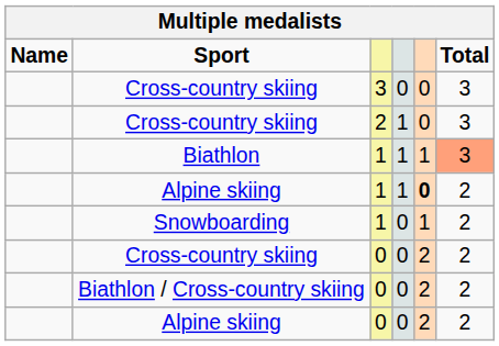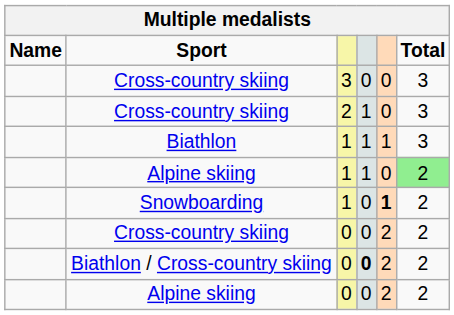 <table class="wikitable" style="font-size:85%; float:right;">
 <tr style="background:#efefef;">
 <th colspan=7>Multiple medalists</th>
 </tr>
 <tr align=center>
 <td><strong>Name</strong></td>
 <td><strong>Sport</strong></td>
 <td style="background:#f7f6a8;"></td>
 <td style="background:#dce5e5;"></td>
 <td style="background:#ffdab9;"></td>
 <td><strong>Total</strong></td>
 </tr>
 <tr align=center>
 <td></td>
 <td><a href='#'>Cross-country skiing</a></td>
 <td style="background:#f7f6a8;">3</td>
 <td style="background:#dce5e5;">0</td>
 <td style="background:#ffdab9;">0</td>
 <td>3</td>
 </tr>
 <tr align=center>
 <td></td>
 <td><a href='#'>Cross-country skiing</a></td>
 <td style="background:#f7f6a8;">2</td>
 <td style="background:#dce5e5;">1</td>
 <td style="background:#ffdab9;">0</td>
 <td>3</td>
 </tr>
 <tr align=center>
 <td></td>
 <td><a href='#'>Biathlon</a></td>
 <td style="background:#f7f6a8;">1</td>
 <td style="background:#dce5e5;">1</td>
 <td style="background:#ffdab9;">1</td>
-<td style="background: lightsalmon;">3</td>
+<td>3</td>
 </tr>
 <tr align=center>
 <td></td>
 <td><a href='#'>Alpine skiing</a></td>
 <td style="background:#f7f6a8;">1</td>
 <td style="background:#dce5e5;">1</td>
-<td style="background:#ffdab9;"><strong>0</strong></td>
-<td>2</td>
+<td style="background:#ffdab9;">0</td>
+<td style="background: lightgreen;">2</td>
 </tr>
 <tr align=center>
 <td></td>
 <td><a href='#'>Snowboarding</a></td>
 <td style="background:#f7f6a8;">1</td>
 <td style="background:#dce5e5;">0</td>
-<td style="background:#ffdab9;">1</td>
+<td style="background:#ffdab9;"><strong>1</strong></td>
 <td>2</td>
 </tr>
 <tr align=center>
 <td></td>
 <td><a href='#'>Cross-country skiing</a></td>
 <td style="background:#f7f6a8;">0</td>
 <td style="background:#dce5e5;">0</td>
 <td style="background:#ffdab9;">2</td>
 <td>2</td>
 </tr>
 <tr align=center>
 <td></td>
 <td><a href='#'>Biathlon</a> / <a href='#'>Cross-country skiing</a></td>
 <td style="background:#f7f6a8;">0</td>
-<td style="background:#dce5e5;">0</td>
+<td style="background:#dce5e5;"><strong>0</strong></td>
 <td style="background:#ffdab9;">2</td>
 <td>2</td>
 </tr>
 <tr align=center>
 <td></td>
 <td><a href='#'>Alpine skiing</a></td>
 <td style="background:#f7f6a8;">0</td>
 <td style="background:#dce5e5;">0</td>
 <td style="background:#ffdab9;">2</td>
 <td>2</td>
 </tr>
 </table>
